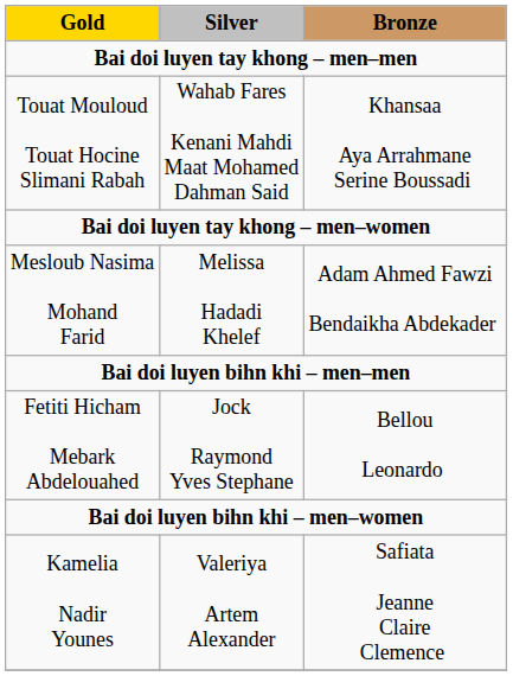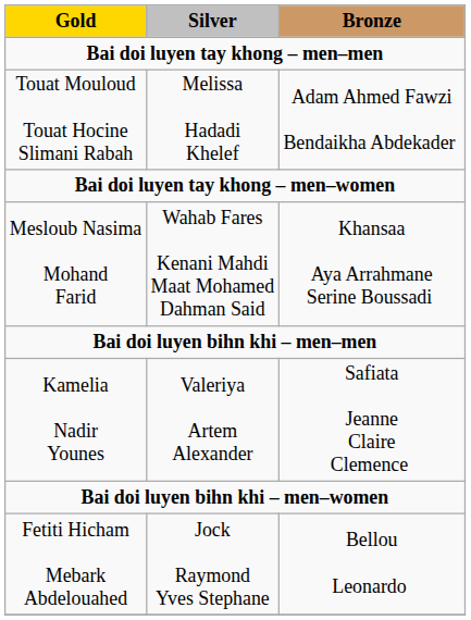 <table class="wikitable" style="text-align:center; font-size:90%;">
 <tr>
 <td style="background:gold;  font-weight:bold;">Gold</td>
 <td style="background:silver;  font-weight:bold;">Silver</td>
 <td style="background:#cc9966;  font-weight:bold;">Bronze</td>
 </tr>
 <tr>
 <td colspan="3"><strong>Bai doi luyen tay khong – men–men</strong></td>
 </tr>
 <tr>
 <td>Touat Mouloud <br><br>Touat Hocine <br> Slimani Rabah</td>
-<td> Wahab Fares <br><br>Kenani Mahdi <br> Maat Mohamed <br> Dahman Said</td>
-<td> Khansaa <br><br>Aya Arrahmane <br> Serine Boussadi </td>
+<td> Melissa <br><br>Hadadi <br> Khelef</td>
+<td> Adam Ahmed Fawzi <br><br>Bendaikha Abdekader </td>
 </tr>
 <tr>
 <td colspan="3"><strong>Bai doi luyen tay khong – men–women</strong></td>
 </tr>
 <tr>
 <td> Mesloub Nasima <br><br>Mohand <br> Farid</td>
-<td> Melissa <br><br>Hadadi <br> Khelef</td>
-<td> Adam Ahmed Fawzi <br><br>Bendaikha Abdekader </td>
+<td> Wahab Fares <br><br>Kenani Mahdi <br> Maat Mohamed <br> Dahman Said</td>
+<td> Khansaa <br><br>Aya Arrahmane <br> Serine Boussadi </td>
 </tr>
 <tr>
 <td colspan="3"><strong>Bai doi luyen bihn khi – men–men</strong></td>
+</tr>
+<tr>
+<td> Kamelia <br><br>Nadir <br> Younes</td>
+<td> Valeriya <br><br>Artem <br> Alexander</td>
+<td> Safiata <br><br>Jeanne <br> Claire <br> Clemence </td>
+</tr>
+<tr>
+<td colspan="3"><strong>Bai doi luyen bihn khi – men–women</strong></td>
 </tr>
 <tr>
 <td> Fetiti Hicham <br><br>Mebark <br> Abdelouahed</td>
 <td> Jock <br><br>Raymond <br> Yves Stephane</td>
 <td> Bellou <br><br>Leonardo </td>
 </tr>
 <tr>
-<td colspan="3"><strong>Bai doi luyen bihn khi – men–women</strong></td>
-</tr>
-<tr>
-<td> Kamelia <br><br>Nadir <br> Younes</td>
-<td> Valeriya <br><br>Artem <br> Alexander</td>
-<td> Safiata <br><br>Jeanne <br> Claire <br> Clemence </td>
-</tr>
-<tr>
 </tr>
 </table>
